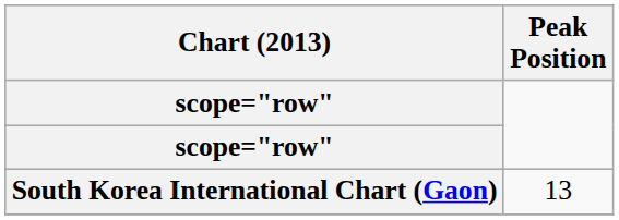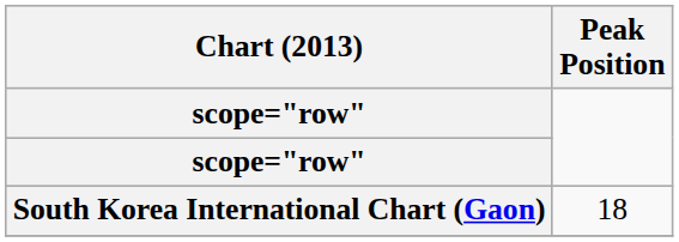 <table class="wikitable sortable plainrowheaders" style="text-align:center">
 <tr>
 <th scope="col">Chart (2013)</th>
 <th scope="col">Peak<br>Position</th>
 </tr>
 <tr>
 <th>scope="row"</th>
 </tr>
 <tr>
 <th>scope="row"</th>
 </tr>
 <tr>
 <th scope="row">South Korea International Chart (<a href='#'>Gaon</a>)</th>
-<td>13</td>
+<td>18</td>
 </tr>
 <tr>
 </tr>
 </table>
